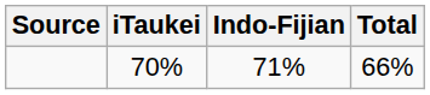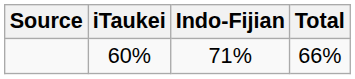 <table class=wikitable style=text-align:center>
 <tr>
 <th>Source</th>
 <th>iTaukei</th>
 <th>Indo-Fijian</th>
 <th>Total</th>
 </tr>
 <tr>
 <td></td>
-<td>70%</td>
+<td>60%</td>
 <td>71%</td>
 <td>66%</td>
 </tr>
 </table>
